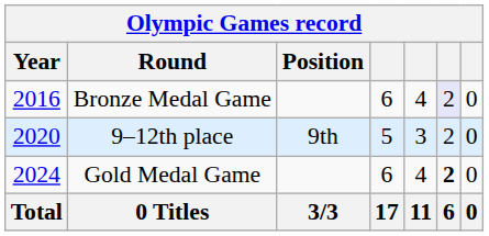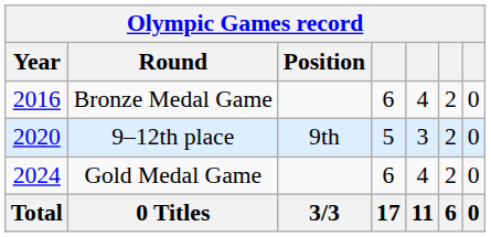 <table class="wikitable" style="text-align: center;">
 <tr>
 <th colspan=10><a href='#'>Olympic Games record</a></th>
 </tr>
 <tr>
 <th>Year</th>
 <th>Round</th>
 <th>Position</th>
 <th></th>
 <th></th>
 <th></th>
 <th></th>
 </tr>
 <tr>
 <td> <a href='#'>2016</a></td>
 <td>Bronze Medal Game</td>
 <td></td>
 <td>6</td>
 <td>4</td>
-<td style="background: lavender;">2</td>
+<td>2</td>
 <td>0</td>
 </tr>
 <tr bgcolor=#ddeeff>
 <td> <a href='#'>2020</a></td>
 <td>9–12th place</td>
 <td>9th</td>
 <td>5</td>
 <td>3</td>
 <td>2</td>
 <td>0</td>
 </tr>
 <tr>
 <td> <a href='#'>2024</a></td>
 <td>Gold Medal Game</td>
 <td></td>
 <td>6</td>
 <td>4</td>
-<td><strong>2</strong></td>
+<td>2</td>
 <td>0</td>
 </tr>
 <tr>
 <th>Total</th>
 <th>0 Titles</th>
 <th>3/3</th>
 <th>17</th>
 <th>11</th>
 <th>6</th>
 <th>0</th>
 </tr>
 </table>
